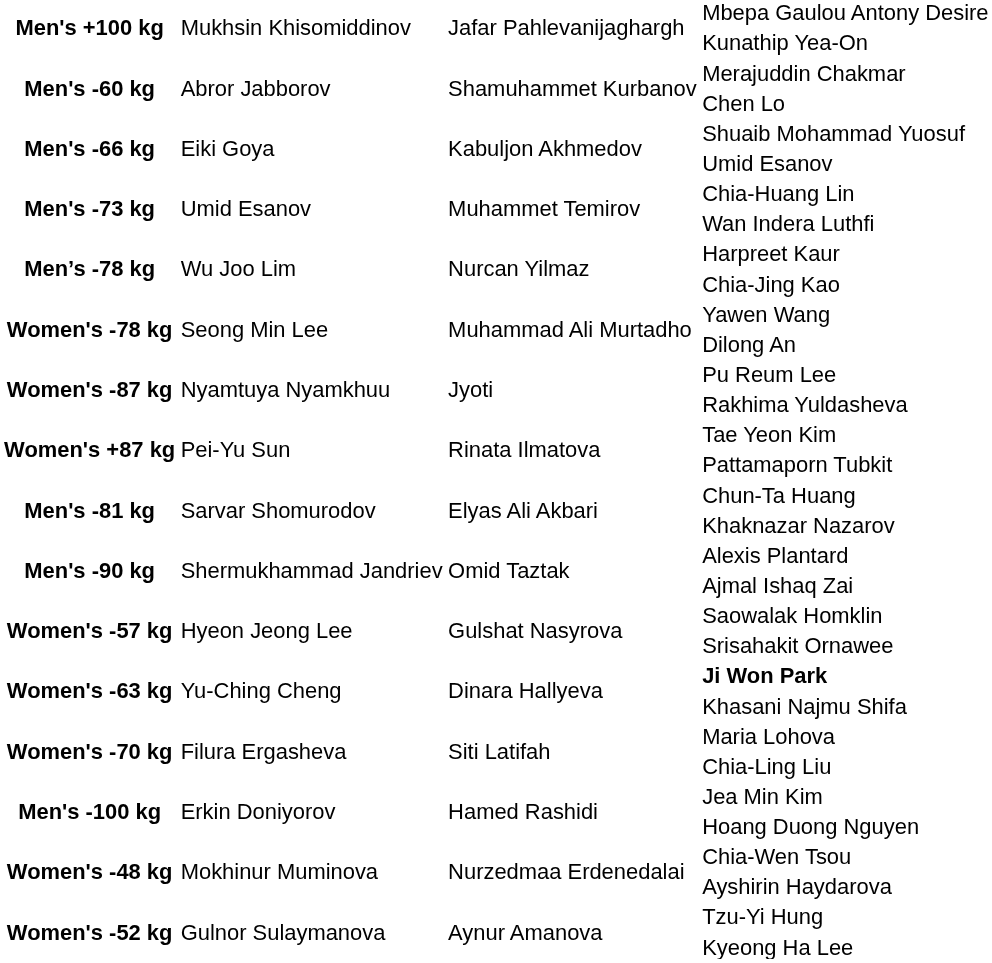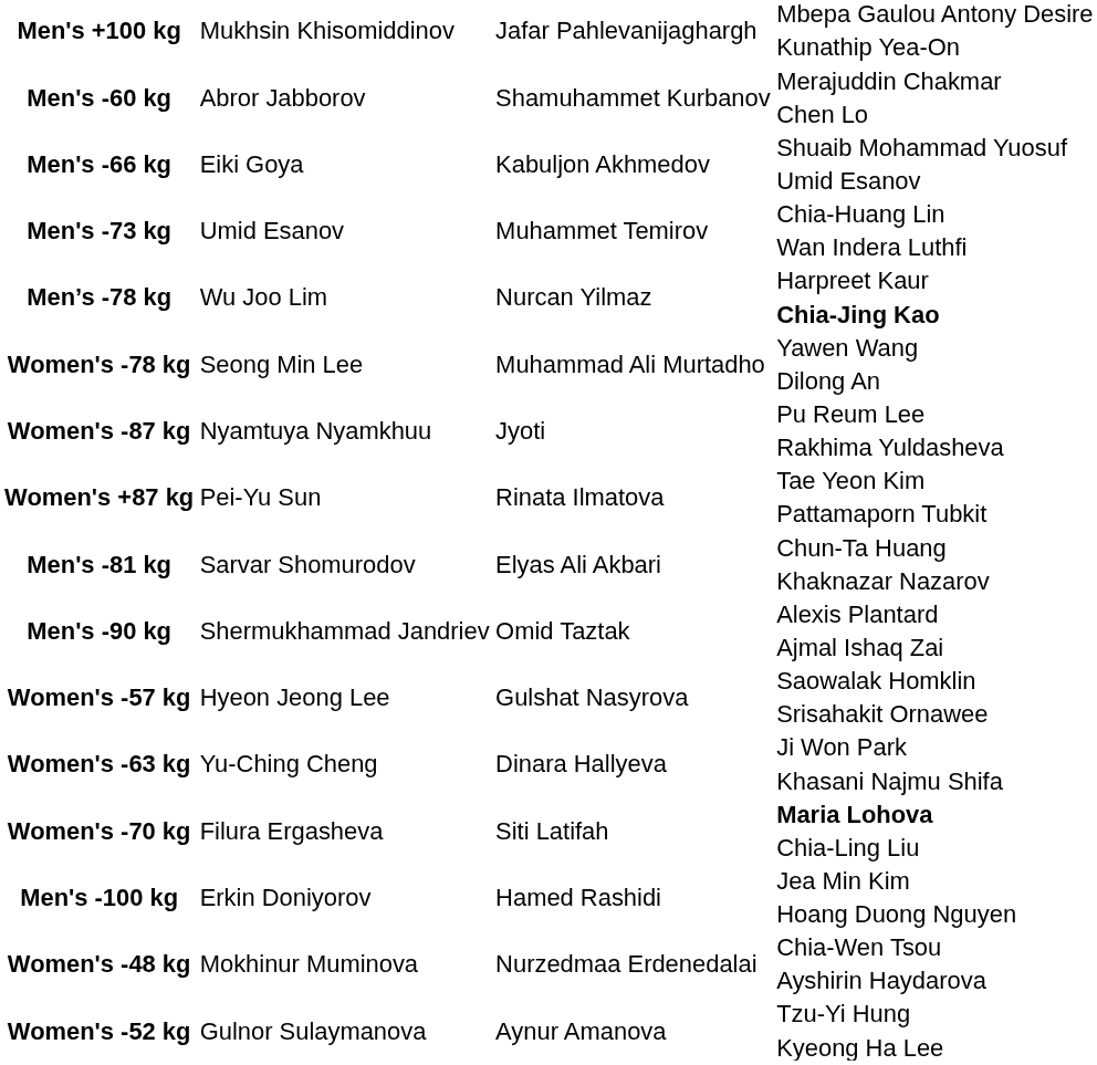 <table>
 <tr>
 <th scope=row rowspan=2>Men's +100 kg</th>
 <td rowspan=2> Mukhsin Khisomiddinov</td>
 <td rowspan=2> Jafar Pahlevanijaghargh</td>
 <td> Mbepa Gaulou Antony Desire</td>
 </tr>
 <tr>
 <td> Kunathip Yea-On</td>
 </tr>
 <tr>
 <th scope=row rowspan=2>Men's -60 kg</th>
 <td rowspan=2> Abror Jabborov</td>
 <td rowspan=2> Shamuhammet Kurbanov</td>
 <td> Merajuddin Chakmar</td>
 </tr>
 <tr>
 <td> Chen Lo</td>
 </tr>
 <tr>
 <th scope=row rowspan=2>Men's -66 kg</th>
 <td rowspan=2> Eiki Goya</td>
 <td rowspan=2> Kabuljon Akhmedov</td>
 <td> Shuaib Mohammad Yuosuf</td>
 </tr>
 <tr>
 <td> Umid Esanov</td>
 </tr>
 <tr>
 <th scope=row rowspan=2>Men's -73 kg</th>
 <td rowspan=2> Umid Esanov</td>
 <td rowspan=2> Muhammet Temirov</td>
 <td> Chia-Huang Lin</td>
 </tr>
 <tr>
 <td> Wan Indera Luthfi</td>
 </tr>
 <tr>
 <th scope=row rowspan=2>Men’s -78 kg</th>
 <td rowspan=2> Wu Joo Lim</td>
 <td rowspan=2> Nurcan Yilmaz</td>
 <td> Harpreet Kaur</td>
 </tr>
 <tr>
-<td> Chia-Jing Kao</td>
+<td><strong> Chia-Jing Kao</strong></td>
 </tr>
 <tr>
 <th scope=row rowspan=2>Women's -78 kg</th>
 <td rowspan=2> Seong Min Lee</td>
 <td rowspan=2> Muhammad Ali Murtadho</td>
 <td> Yawen Wang</td>
 </tr>
 <tr>
 <td> Dilong An</td>
 </tr>
 <tr>
 <th scope=row rowspan=2>Women's -87 kg</th>
 <td rowspan=2> Nyamtuya Nyamkhuu</td>
 <td rowspan=2> Jyoti</td>
 <td> Pu Reum Lee</td>
 </tr>
 <tr>
 <td> Rakhima Yuldasheva</td>
 </tr>
 <tr>
 <th scope=row rowspan=2>Women's +87 kg</th>
 <td rowspan=2> Pei-Yu Sun</td>
 <td rowspan=2> Rinata Ilmatova</td>
 <td> Tae Yeon Kim</td>
 </tr>
 <tr>
 <td> Pattamaporn Tubkit</td>
 </tr>
 <tr>
 <th scope=row rowspan=2>Men's -81 kg</th>
 <td rowspan=2> Sarvar Shomurodov</td>
 <td rowspan=2> Elyas Ali Akbari</td>
 <td> Chun-Ta Huang</td>
 </tr>
 <tr>
 <td> Khaknazar Nazarov</td>
 </tr>
 <tr>
 <th scope=row rowspan=2>Men's -90 kg</th>
 <td rowspan=2> Shermukhammad Jandriev</td>
 <td rowspan=2> Omid Taztak</td>
 <td> Alexis Plantard</td>
 </tr>
 <tr>
 <td> Ajmal Ishaq Zai</td>
 </tr>
 <tr>
 <th scope=row rowspan=2>Women's -57 kg</th>
 <td rowspan=2> Hyeon Jeong Lee</td>
 <td rowspan=2> Gulshat Nasyrova</td>
 <td> Saowalak Homklin</td>
 </tr>
 <tr>
 <td> Srisahakit Ornawee</td>
 </tr>
 <tr>
 <th scope=row rowspan=2>Women's -63 kg</th>
 <td rowspan=2> Yu-Ching Cheng</td>
 <td rowspan=2> Dinara Hallyeva</td>
-<td><strong> Ji Won Park</strong></td>
+<td> Ji Won Park</td>
 </tr>
 <tr>
 <td> Khasani Najmu Shifa</td>
 </tr>
 <tr>
 <th scope=row rowspan=2>Women's -70 kg</th>
 <td rowspan=2> Filura Ergasheva</td>
 <td rowspan=2> Siti Latifah</td>
-<td> Maria Lohova</td>
+<td><strong> Maria Lohova</strong></td>
 </tr>
 <tr>
 <td> Chia-Ling Liu</td>
 </tr>
 <tr>
 <th scope=row rowspan=2>Men's -100 kg</th>
 <td rowspan=2> Erkin Doniyorov</td>
 <td rowspan=2> Hamed Rashidi</td>
 <td> Jea Min Kim</td>
 </tr>
 <tr>
 <td> Hoang Duong Nguyen</td>
 </tr>
 <tr>
 <th scope=row rowspan=2>Women's -48 kg</th>
 <td rowspan=2> Mokhinur Muminova</td>
 <td rowspan=2> Nurzedmaa Erdenedalai</td>
 <td> Chia-Wen Tsou</td>
 </tr>
 <tr>
 <td> Ayshirin Haydarova</td>
 </tr>
 <tr>
 <th scope=row rowspan=2>Women's -52 kg</th>
 <td rowspan=2> Gulnor Sulaymanova</td>
 <td rowspan=2> Aynur Amanova</td>
 <td> Tzu-Yi Hung</td>
 </tr>
 <tr>
 <td> Kyeong Ha Lee</td>
 </tr>
 <tr>
 </tr>
 </table>
